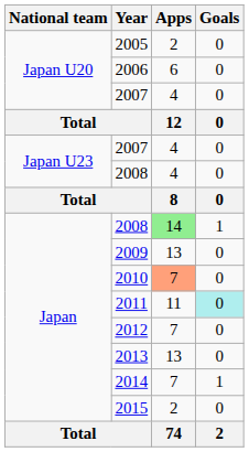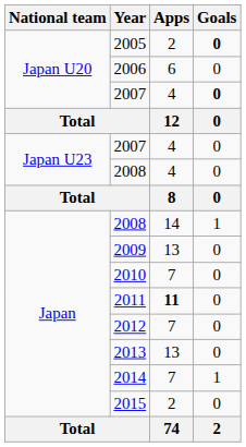 <table class="wikitable" style="text-align:center">
 <tr>
 <th>National team</th>
 <th>Year</th>
 <th>Apps</th>
 <th>Goals</th>
 </tr>
 <tr>
 <td rowspan="3"><a href='#'>Japan U20</a></td>
 <td>2005</td>
 <td>2</td>
-<td>0</td>
+<td><strong>0</strong></td>
 </tr>
 <tr>
 <td>2006</td>
 <td>6</td>
 <td>0</td>
 </tr>
 <tr>
 <td>2007</td>
 <td>4</td>
-<td>0</td>
+<td><strong>0</strong></td>
 </tr>
 <tr>
 <th colspan="2">Total</th>
 <th>12</th>
 <th>0</th>
 </tr>
 <tr>
 <td rowspan="2"><a href='#'>Japan U23</a></td>
 <td>2007</td>
 <td>4</td>
 <td>0</td>
 </tr>
 <tr>
 <td>2008</td>
 <td>4</td>
 <td>0</td>
 </tr>
 <tr>
 <th colspan="2">Total</th>
 <th>8</th>
 <th>0</th>
 </tr>
 <tr>
 <td rowspan="8"><a href='#'>Japan</a></td>
 <td><a href='#'>2008</a></td>
-<td style="background: lightgreen;">14</td>
+<td>14</td>
 <td>1</td>
 </tr>
 <tr>
 <td><a href='#'>2009</a></td>
 <td>13</td>
 <td>0</td>
 </tr>
 <tr>
 <td><a href='#'>2010</a></td>
-<td style="background: lightsalmon;">7</td>
+<td>7</td>
 <td>0</td>
 </tr>
 <tr>
 <td><a href='#'>2011</a></td>
-<td>11</td>
-<td style="background: paleturquoise;">0</td>
+<td><strong>11</strong></td>
+<td>0</td>
 </tr>
 <tr>
 <td><a href='#'>2012</a></td>
 <td>7</td>
 <td>0</td>
 </tr>
 <tr>
 <td><a href='#'>2013</a></td>
 <td>13</td>
 <td>0</td>
 </tr>
 <tr>
 <td><a href='#'>2014</a></td>
 <td>7</td>
 <td>1</td>
 </tr>
 <tr>
 <td><a href='#'>2015</a></td>
 <td>2</td>
 <td>0</td>
 </tr>
 <tr>
 <th colspan="2">Total</th>
 <th>74</th>
 <th>2</th>
 </tr>
 </table>
